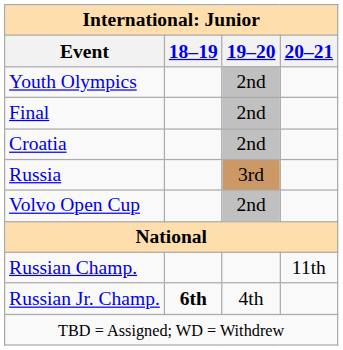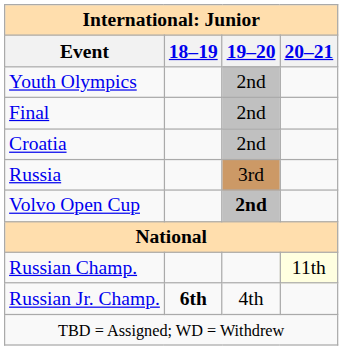 <table class="wikitable" style="text-align:center">
 <tr>
 <th colspan="5" style="background-color: #ffdead; " align="center">International: Junior</th>
 </tr>
 <tr>
 <th>Event</th>
 <th><a href='#'>18–19</a></th>
 <th><a href='#'>19–20</a></th>
 <th><a href='#'>20–21</a></th>
 </tr>
 <tr>
 <td align=left><a href='#'>Youth Olympics</a></td>
 <td></td>
 <td bgcolor=silver>2nd</td>
 <td></td>
 </tr>
 <tr>
 <td align=left> <a href='#'>Final</a></td>
 <td></td>
 <td bgcolor=silver>2nd</td>
 <td></td>
 </tr>
 <tr>
 <td align=left> <a href='#'>Croatia</a></td>
 <td></td>
 <td bgcolor=silver>2nd</td>
 <td></td>
 </tr>
 <tr>
 <td align=left> <a href='#'>Russia</a></td>
 <td></td>
 <td bgcolor=cc9966>3rd</td>
 <td></td>
 </tr>
 <tr>
 <td align=left><a href='#'>Volvo Open Cup</a></td>
 <td></td>
-<td bgcolor=silver>2nd</td>
+<td bgcolor=silver><strong>2nd</strong></td>
 <td></td>
 </tr>
 <tr>
 <th colspan="5" style="background-color: #ffdead; " align="center">National</th>
 </tr>
 <tr>
 <td align=left><a href='#'>Russian Champ.</a></td>
 <td></td>
 <td></td>
-<td>11th</td>
+<td style="background: lightyellow;">11th</td>
 </tr>
 <tr>
 <td align=left><a href='#'>Russian Jr. Champ.</a></td>
 <td><strong>6th</strong></td>
 <td>4th</td>
 <td></td>
 </tr>
 <tr>
 <td colspan="5" align="center"><small> TBD = Assigned; WD = Withdrew </small></td>
 </tr>
 </table>
